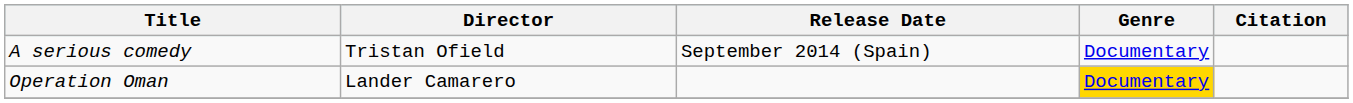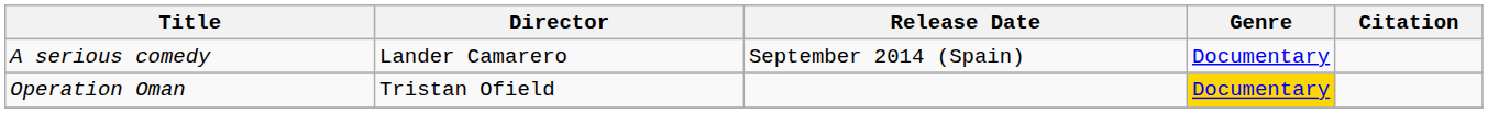 <table class="wikitable">
 <tr style="background:#b0e0e6; text-align:center;">
 <th style="width:25%;">Title</th>
 <th style="width:25%;">Director</th>
 <th style="width:30%;">Release Date</th>
 <th style="width:10%;">Genre</th>
 <th>Citation</th>
 </tr>
 <tr>
 <td><em>A serious comedy</em></td>
-<td>Tristan Ofield</td>
+<td>Lander Camarero</td>
 <td>September 2014 (Spain)</td>
 <td><a href='#'>Documentary</a></td>
 <td></td>
 </tr>
 <tr>
 <td><em>Operation Oman</em></td>
-<td>Lander Camarero</td>
+<td>Tristan Ofield</td>
 <td></td>
 <td style="background: gold;"><a href='#'>Documentary</a></td>
 <td></td>
 </tr>
 <tr>
 </tr>
 </table>
